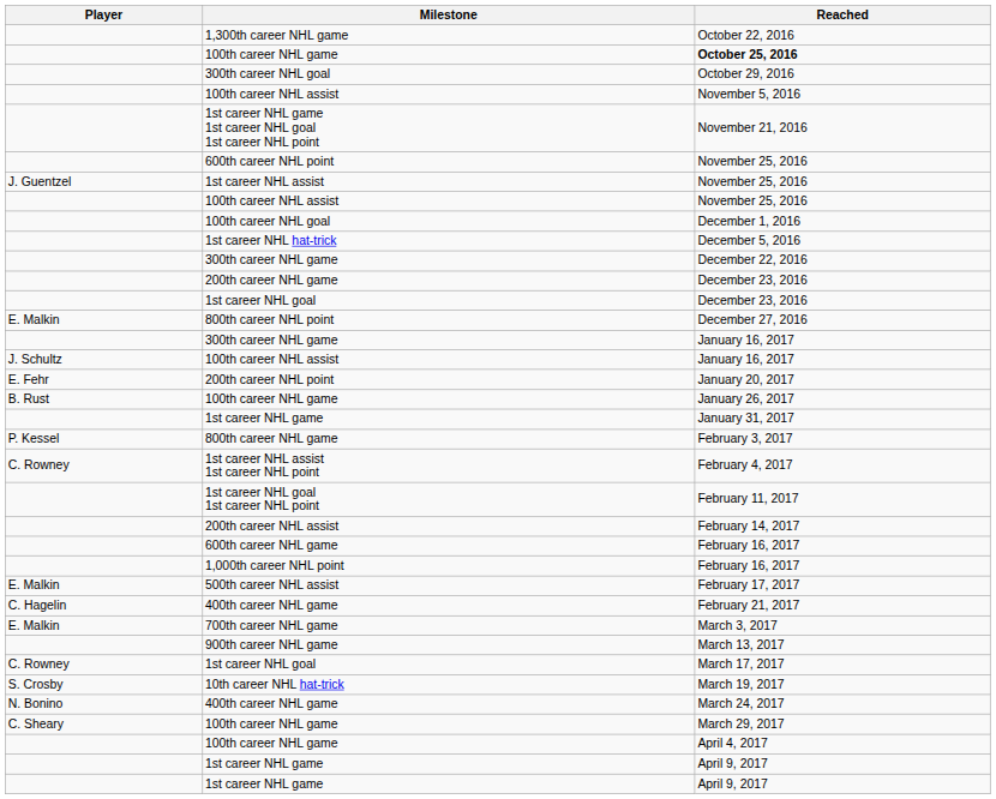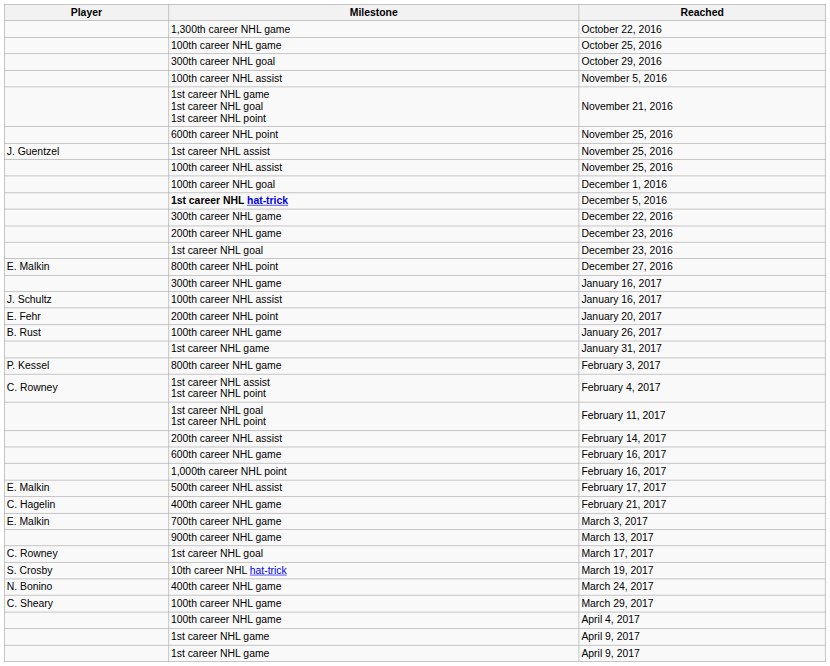 <table class="wikitable sortable" style="width:100%;">
 <tr align=center>
 <th style="width:20%;">Player</th>
 <th style="width:50%;">Milestone</th>
 <th style="width:30%;" data-sort-type="date">Reached</th>
 </tr>
 <tr>
 <td></td>
 <td>1,300th career NHL game</td>
 <td>October 22, 2016</td>
 </tr>
 <tr>
 <td></td>
 <td>100th career NHL game</td>
-<td><strong>October 25, 2016</strong></td>
+<td>October 25, 2016</td>
 </tr>
 <tr>
 <td></td>
 <td>300th career NHL goal</td>
 <td>October 29, 2016</td>
 </tr>
 <tr>
 <td></td>
 <td>100th career NHL assist</td>
 <td>November 5, 2016</td>
 </tr>
 <tr>
 <td></td>
 <td>1st career NHL game<br>1st career NHL goal<br>1st career NHL point</td>
 <td>November 21, 2016</td>
 </tr>
 <tr>
 <td></td>
 <td>600th career NHL point</td>
 <td>November 25, 2016</td>
 </tr>
 <tr>
 <td>J. Guentzel</td>
 <td>1st career NHL assist</td>
 <td>November 25, 2016</td>
 </tr>
 <tr>
 <td></td>
 <td>100th career NHL assist</td>
 <td>November 25, 2016</td>
 </tr>
 <tr>
 <td></td>
 <td>100th career NHL goal</td>
 <td>December 1, 2016</td>
 </tr>
 <tr>
 <td></td>
-<td>1st career NHL <a href='#'>hat-trick</a></td>
+<td><strong>1st career NHL <a href='#'>hat-trick</a></strong></td>
 <td>December 5, 2016</td>
 </tr>
 <tr>
 <td></td>
 <td>300th career NHL game</td>
 <td>December 22, 2016</td>
 </tr>
 <tr>
 <td></td>
 <td>200th career NHL game</td>
 <td>December 23, 2016</td>
 </tr>
 <tr>
 <td></td>
 <td>1st career NHL goal</td>
 <td>December 23, 2016</td>
 </tr>
 <tr>
 <td>E. Malkin</td>
 <td>800th career NHL point</td>
 <td>December 27, 2016</td>
 </tr>
 <tr>
 <td></td>
 <td>300th career NHL game</td>
 <td>January 16, 2017</td>
 </tr>
 <tr>
 <td>J. Schultz</td>
 <td>100th career NHL assist</td>
 <td>January 16, 2017</td>
 </tr>
 <tr>
 <td>E. Fehr</td>
 <td>200th career NHL point</td>
 <td>January 20, 2017</td>
 </tr>
 <tr>
 <td>B. Rust</td>
 <td>100th career NHL game</td>
 <td>January 26, 2017</td>
 </tr>
 <tr>
 <td></td>
 <td>1st career NHL game</td>
 <td>January 31, 2017</td>
 </tr>
 <tr>
 <td>P. Kessel</td>
 <td>800th career NHL game</td>
 <td>February 3, 2017</td>
 </tr>
 <tr>
 <td>C. Rowney</td>
 <td>1st career NHL assist<br>1st career NHL point</td>
 <td>February 4, 2017</td>
 </tr>
 <tr>
 <td></td>
 <td>1st career NHL goal<br>1st career NHL point</td>
 <td>February 11, 2017</td>
 </tr>
 <tr>
 <td></td>
 <td>200th career NHL assist</td>
 <td>February 14, 2017</td>
 </tr>
 <tr>
 <td></td>
 <td>600th career NHL game</td>
 <td>February 16, 2017</td>
 </tr>
 <tr>
 <td></td>
 <td>1,000th career NHL point</td>
 <td>February 16, 2017</td>
 </tr>
 <tr>
 <td>E. Malkin</td>
 <td>500th career NHL assist</td>
 <td>February 17, 2017</td>
 </tr>
 <tr>
 <td>C. Hagelin</td>
 <td>400th career NHL game</td>
 <td>February 21, 2017</td>
 </tr>
 <tr>
 <td>E. Malkin</td>
 <td>700th career NHL game</td>
 <td>March 3, 2017</td>
 </tr>
 <tr>
 <td></td>
 <td>900th career NHL game</td>
 <td>March 13, 2017</td>
 </tr>
 <tr>
 <td>C. Rowney</td>
 <td>1st career NHL goal</td>
 <td>March 17, 2017</td>
 </tr>
 <tr>
 <td>S. Crosby</td>
 <td>10th career NHL <a href='#'>hat-trick</a></td>
 <td>March 19, 2017</td>
 </tr>
 <tr>
 <td>N. Bonino</td>
 <td>400th career NHL game</td>
 <td>March 24, 2017</td>
 </tr>
 <tr>
 <td>C. Sheary</td>
 <td>100th career NHL game</td>
 <td>March 29, 2017</td>
 </tr>
 <tr>
 <td></td>
 <td>100th career NHL game</td>
 <td>April 4, 2017</td>
 </tr>
 <tr>
 <td></td>
 <td>1st career NHL game</td>
 <td>April 9, 2017</td>
 </tr>
 <tr>
 <td></td>
 <td>1st career NHL game</td>
 <td>April 9, 2017</td>
 </tr>
 </table>
